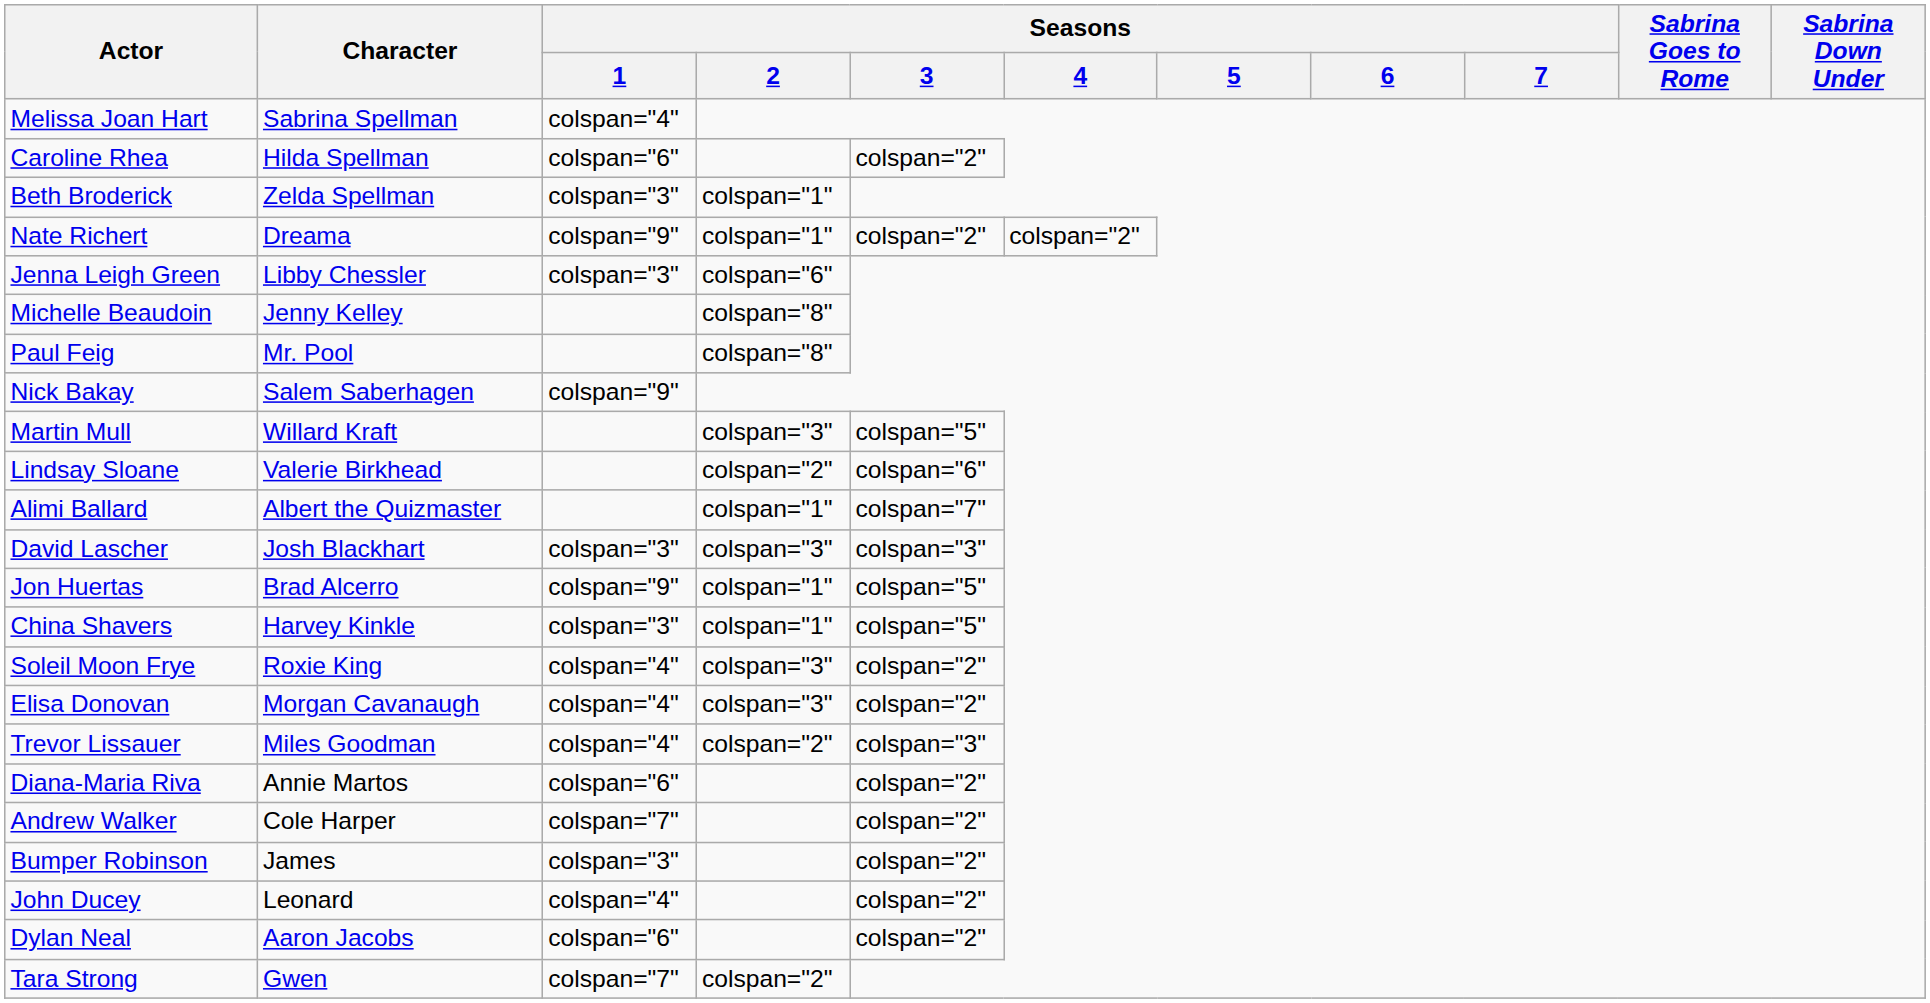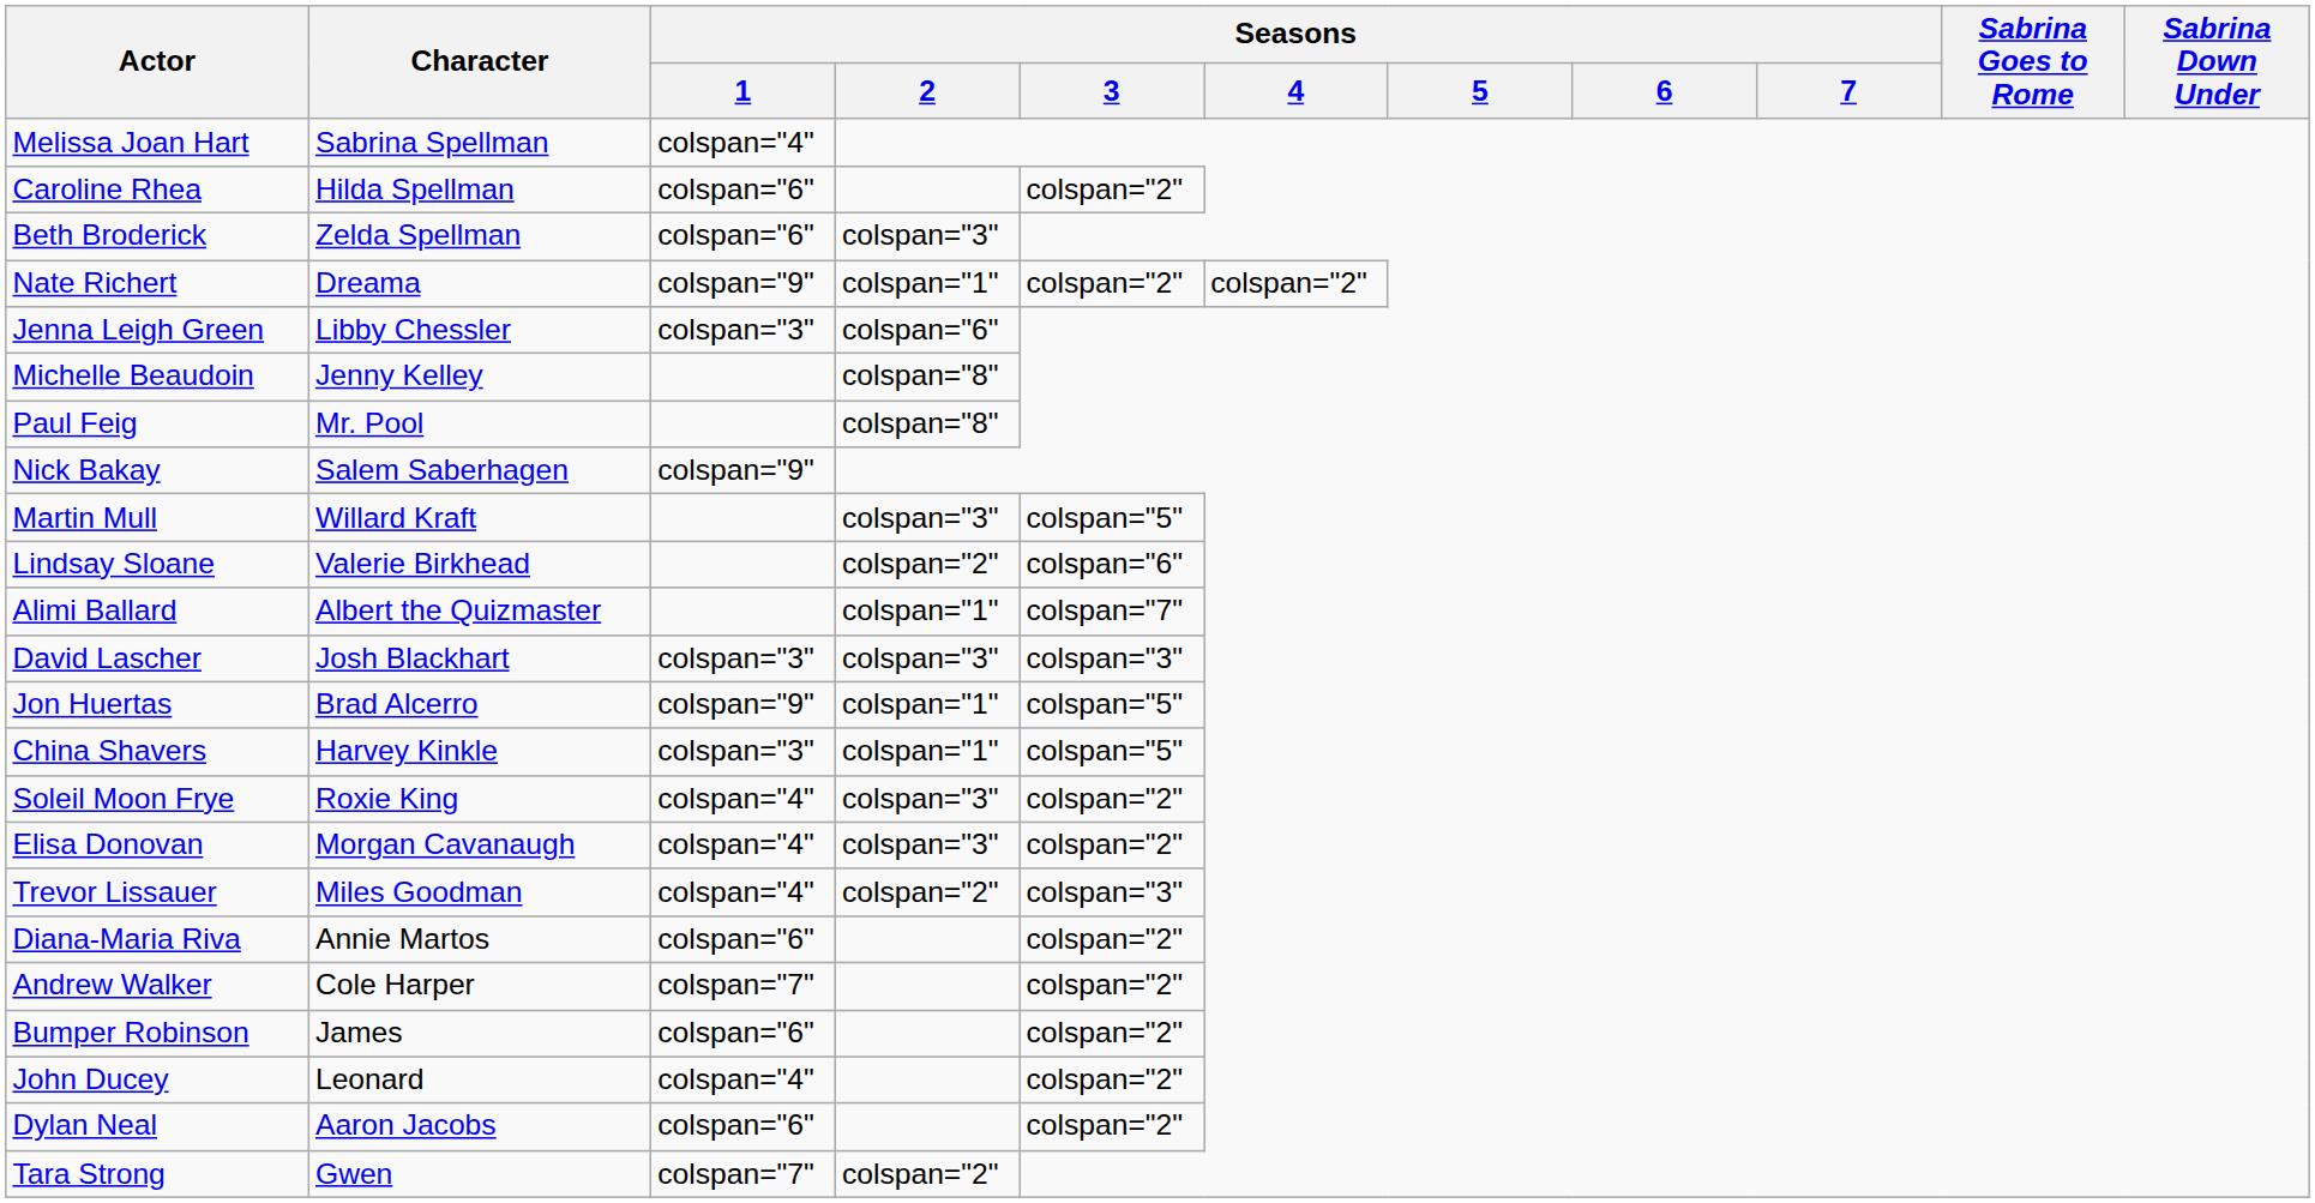 <table class="wikitable">
 <tr>
 <th rowspan="2">Actor</th>
 <th rowspan="2">Character</th>
 <th colspan="7">Seasons</th>
 <th rowspan="2" style="width:8%;"><em><a href='#'>Sabrina Goes to Rome</a></em></th>
 <th rowspan="2" style="width:8%;"><em><a href='#'>Sabrina Down Under</a></em></th>
 </tr>
 <tr>
 <th style="width:8%;"><a href='#'>1</a></th>
 <th style="width:8%;"><a href='#'>2</a></th>
 <th style="width:8%;"><a href='#'>3</a></th>
 <th style="width:8%;"><a href='#'>4</a></th>
 <th style="width:8%;"><a href='#'>5</a></th>
 <th style="width:8%;"><a href='#'>6</a></th>
 <th style="width:8%;"><a href='#'>7</a></th>
 </tr>
 <tr>
 <td><a href='#'>Melissa Joan Hart</a></td>
 <td><a href='#'>Sabrina Spellman</a></td>
 <td>colspan="4" </td>
 </tr>
 <tr>
 <td><a href='#'>Caroline Rhea</a></td>
 <td><a href='#'>Hilda Spellman</a></td>
 <td>colspan="6" </td>
 <td></td>
 <td>colspan="2" </td>
 </tr>
 <tr>
 <td><a href='#'>Beth Broderick</a></td>
 <td><a href='#'>Zelda Spellman</a></td>
+<td>colspan="6" </td>
 <td>colspan="3" </td>
-<td>colspan="1" </td>
 </tr>
 <tr>
 <td><a href='#'>Nate Richert</a></td>
 <td><a href='#'>Dreama</a></td>
 <td>colspan="9" </td>
 <td>colspan="1" </td>
 <td>colspan="2" </td>
 <td>colspan="2" </td>
 </tr>
 <tr>
 <td><a href='#'>Jenna Leigh Green</a></td>
 <td><a href='#'>Libby Chessler</a></td>
 <td>colspan="3" </td>
 <td>colspan="6" </td>
 </tr>
 <tr>
 <td><a href='#'>Michelle Beaudoin</a></td>
 <td><a href='#'>Jenny Kelley</a></td>
 <td></td>
 <td>colspan="8" </td>
 </tr>
 <tr>
 <td><a href='#'>Paul Feig</a></td>
 <td><a href='#'>Mr. Pool</a></td>
 <td></td>
 <td>colspan="8" </td>
 </tr>
 <tr>
 <td><a href='#'>Nick Bakay</a></td>
 <td><a href='#'>Salem Saberhagen</a></td>
 <td>colspan="9" </td>
 </tr>
 <tr>
 <td><a href='#'>Martin Mull</a></td>
 <td><a href='#'>Willard Kraft</a></td>
 <td></td>
 <td>colspan="3" </td>
 <td>colspan="5" </td>
 </tr>
 <tr>
 <td><a href='#'>Lindsay Sloane</a></td>
 <td><a href='#'>Valerie Birkhead</a></td>
 <td></td>
 <td>colspan="2" </td>
 <td>colspan="6" </td>
 </tr>
 <tr>
 <td><a href='#'>Alimi Ballard</a></td>
 <td><a href='#'>Albert the Quizmaster</a></td>
 <td></td>
 <td>colspan="1" </td>
 <td>colspan="7" </td>
 </tr>
 <tr>
 <td><a href='#'>David Lascher</a></td>
 <td><a href='#'>Josh Blackhart</a></td>
 <td>colspan="3" </td>
 <td>colspan="3" </td>
 <td>colspan="3" </td>
 </tr>
 <tr>
 <td><a href='#'>Jon Huertas</a></td>
 <td><a href='#'>Brad Alcerro</a></td>
 <td>colspan="9" </td>
 <td>colspan="1" </td>
 <td>colspan="5" </td>
 </tr>
 <tr>
 <td><a href='#'>China Shavers</a></td>
 <td><a href='#'>Harvey Kinkle</a></td>
 <td>colspan="3" </td>
 <td>colspan="1" </td>
 <td>colspan="5" </td>
 </tr>
 <tr>
 <td><a href='#'>Soleil Moon Frye</a></td>
 <td><a href='#'>Roxie King</a></td>
 <td>colspan="4" </td>
 <td>colspan="3" </td>
 <td>colspan="2" </td>
 </tr>
 <tr>
 <td><a href='#'>Elisa Donovan</a></td>
 <td><a href='#'>Morgan Cavanaugh</a></td>
 <td>colspan="4" </td>
 <td>colspan="3" </td>
 <td>colspan="2" </td>
 </tr>
 <tr>
 <td><a href='#'>Trevor Lissauer</a></td>
 <td><a href='#'>Miles Goodman</a></td>
 <td>colspan="4" </td>
 <td>colspan="2" </td>
 <td>colspan="3" </td>
 </tr>
 <tr>
 <td><a href='#'>Diana-Maria Riva</a></td>
 <td>Annie Martos</td>
 <td>colspan="6" </td>
 <td></td>
 <td>colspan="2" </td>
 </tr>
 <tr>
 <td><a href='#'>Andrew Walker</a></td>
 <td>Cole Harper</td>
 <td>colspan="7" </td>
 <td></td>
 <td>colspan="2" </td>
 </tr>
 <tr>
 <td><a href='#'>Bumper Robinson</a></td>
 <td>James</td>
-<td>colspan="3" </td>
+<td>colspan="6" </td>
 <td></td>
 <td>colspan="2" </td>
 </tr>
 <tr>
 <td><a href='#'>John Ducey</a></td>
 <td>Leonard</td>
 <td>colspan="4" </td>
 <td></td>
 <td>colspan="2" </td>
 </tr>
 <tr>
 <td><a href='#'>Dylan Neal</a></td>
 <td><a href='#'>Aaron Jacobs</a></td>
 <td>colspan="6" </td>
 <td></td>
 <td>colspan="2" </td>
 </tr>
 <tr>
 <td><a href='#'>Tara Strong</a></td>
 <td><a href='#'>Gwen</a></td>
 <td>colspan="7" </td>
 <td>colspan="2" </td>
 </tr>
 </table>
